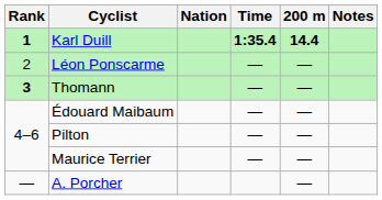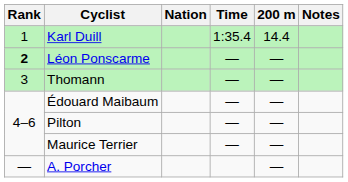 <table class="wikitable sortable" style="text-align:center">
 <tr>
 <th>Rank</th>
 <th>Cyclist</th>
 <th>Nation</th>
 <th>Time</th>
 <th>200 m</th>
 <th>Notes</th>
 </tr>
 <tr bgcolor=bbf3bb>
-<td><strong>1</strong></td>
+<td>1</td>
 <td align=left><a href='#'>Karl Duill</a></td>
 <td align=left></td>
-<td><strong>1:35.4</strong></td>
-<td><strong>14.4</strong></td>
+<td>1:35.4</td>
+<td>14.4</td>
 <td></td>
 </tr>
 <tr bgcolor=bbf3bb>
-<td>2</td>
+<td><strong>2</strong></td>
 <td align=left><a href='#'>Léon Ponscarme</a></td>
 <td align=left></td>
 <td data-sort-value=9:99.9>—</td>
 <td data-sort-value=99.9>—</td>
 <td></td>
 </tr>
 <tr bgcolor=bbf3bb>
-<td><strong>3</strong></td>
+<td>3</td>
 <td align=left>Thomann</td>
 <td align=left></td>
 <td data-sort-value=9:99.9>—</td>
 <td data-sort-value=99.9>—</td>
 <td></td>
 </tr>
 <tr>
 <td rowspan=3>4–6</td>
 <td align=left>Édouard Maibaum</td>
 <td align=left></td>
 <td data-sort-value=9:99.9>—</td>
 <td data-sort-value=99.9>—</td>
 <td></td>
 </tr>
 <tr>
 <td align=left>Pilton</td>
 <td align=left></td>
 <td data-sort-value=9:99.9>—</td>
 <td data-sort-value=99.9>—</td>
 <td></td>
 </tr>
 <tr>
 <td align=left>Maurice Terrier</td>
 <td align=left></td>
 <td data-sort-value=9:99.9>—</td>
 <td data-sort-value=99.9>—</td>
 <td></td>
 </tr>
 <tr>
 <td data-sort-value=7>—</td>
 <td align=left><a href='#'>A. Porcher</a></td>
 <td align=left></td>
 <td data-sort-value=9:99.9></td>
 <td data-sort-value=99.9>—</td>
 <td></td>
 </tr>
 </table>
